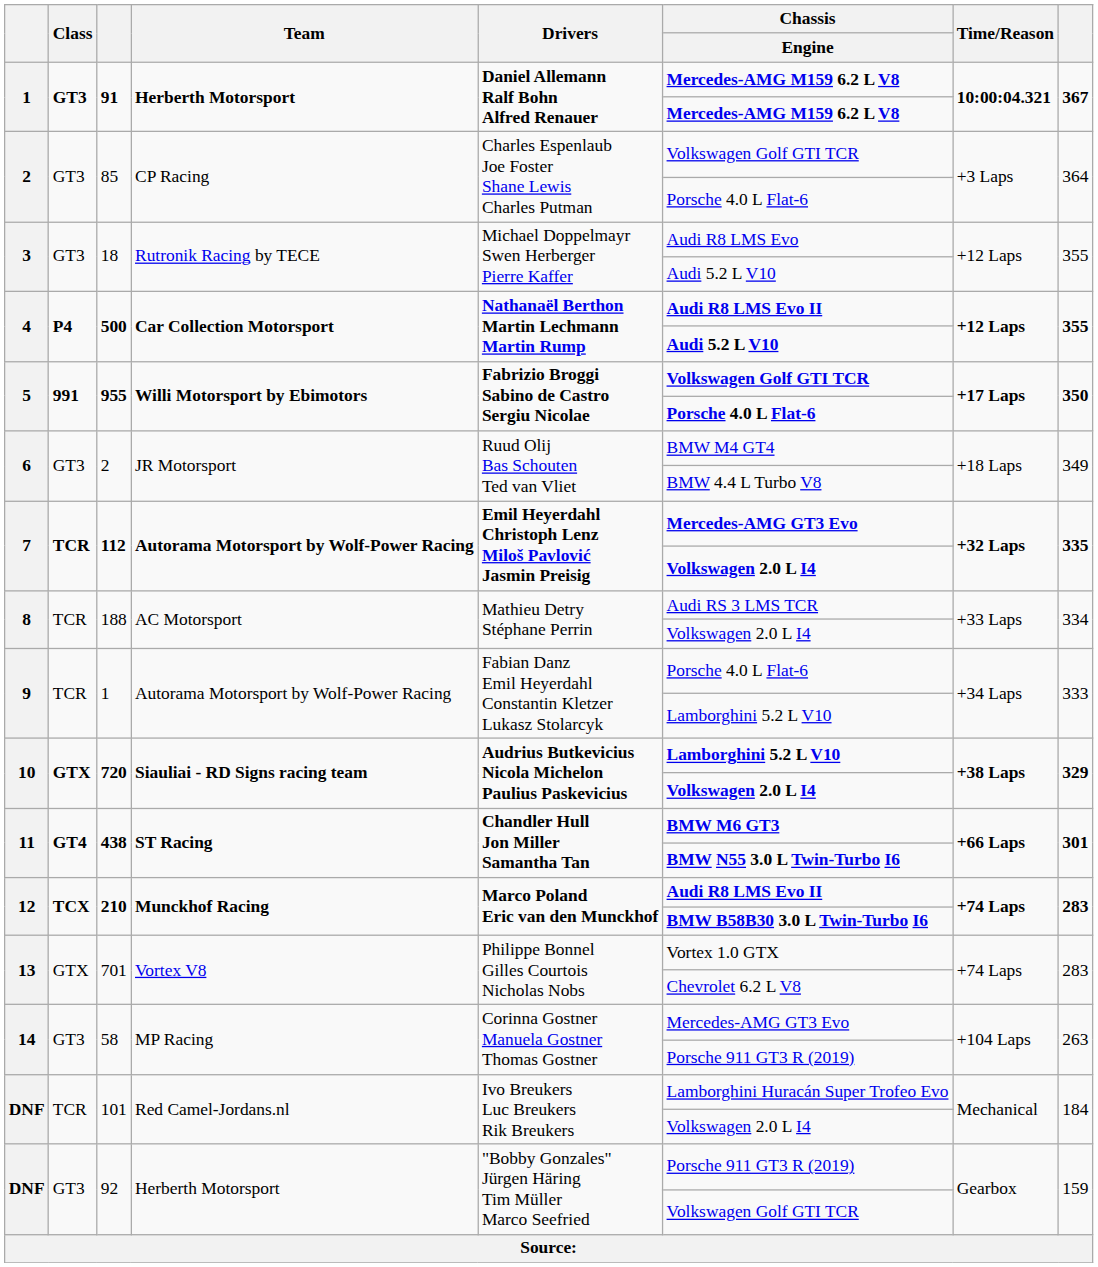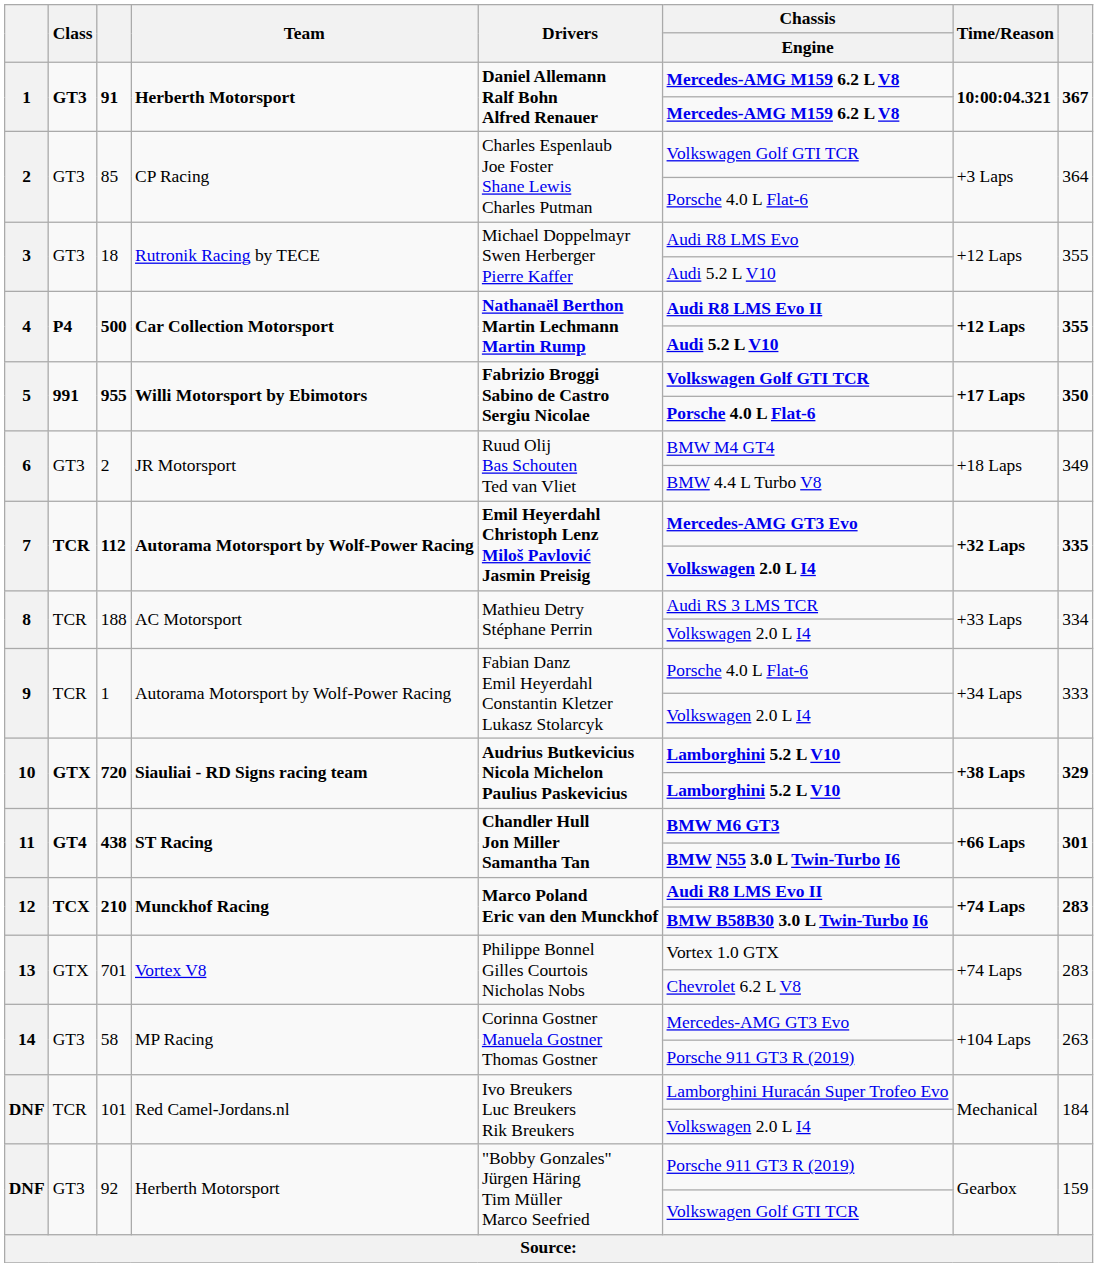 <table class="wikitable" style="font-size: 85%;">
 <tr>
 <th rowspan=2></th>
 <th rowspan=2>Class</th>
 <th rowspan=2></th>
 <th rowspan=2>Team</th>
 <th rowspan=2>Drivers</th>
 <th>Chassis</th>
 <th rowspan=2>Time/Reason</th>
 <th rowspan=2></th>
 </tr>
 <tr>
 <th>Engine</th>
 </tr>
 <tr style="font-weight:bold">
 <th rowspan=2>1</th>
 <td rowspan=2>GT3</td>
 <td rowspan=2>91</td>
 <td rowspan=2> Herberth Motorsport</td>
 <td rowspan=2> Daniel Allemann<br> Ralf Bohn<br> Alfred Renauer</td>
 <td><a href='#'>Mercedes-AMG M159</a> 6.2 L <a href='#'>V8</a></td>
 <td rowspan=2>10:00:04.321</td>
 <td rowspan=2>367</td>
 </tr>
 <tr style="font-weight:bold">
 <td><a href='#'>Mercedes-AMG M159</a> 6.2 L <a href='#'>V8</a></td>
 </tr>
 <tr>
 <th rowspan=2>2</th>
 <td rowspan=2>GT3</td>
 <td rowspan=2>85</td>
 <td rowspan=2> CP Racing</td>
 <td rowspan=2> Charles Espenlaub<br> Joe Foster<br> <a href='#'>Shane Lewis</a><br> Charles Putman</td>
 <td><a href='#'>Volkswagen Golf GTI TCR</a></td>
 <td rowspan=2>+3 Laps</td>
 <td rowspan=2>364</td>
 </tr>
 <tr>
 <td><a href='#'>Porsche</a> 4.0 L <a href='#'>Flat-6</a></td>
 </tr>
 <tr>
 <th rowspan=2>3</th>
 <td rowspan=2>GT3</td>
 <td rowspan=2>18</td>
 <td rowspan=2> <a href='#'>Rutronik Racing</a> by TECE</td>
 <td rowspan=2> Michael Doppelmayr<br> Swen Herberger<br> <a href='#'>Pierre Kaffer</a></td>
 <td><a href='#'>Audi R8 LMS Evo</a></td>
 <td rowspan=2>+12 Laps</td>
 <td rowspan=2>355</td>
 </tr>
 <tr>
 <td><a href='#'>Audi</a> 5.2 L <a href='#'>V10</a></td>
 </tr>
 <tr style="font-weight:bold">
 <th rowspan=2>4</th>
 <td rowspan=2>P4</td>
 <td rowspan=2>500</td>
 <td rowspan=2> Car Collection Motorsport</td>
 <td rowspan=2> <a href='#'>Nathanaël Berthon</a><br> Martin Lechmann<br> <a href='#'>Martin Rump</a></td>
 <td><a href='#'>Audi R8 LMS Evo II</a></td>
 <td rowspan=2>+12 Laps</td>
 <td rowspan=2>355</td>
 </tr>
 <tr style="font-weight:bold">
 <td><a href='#'>Audi</a> 5.2 L <a href='#'>V10</a></td>
 </tr>
 <tr style="font-weight:bold">
 <th rowspan=2>5</th>
 <td rowspan=2>991</td>
 <td rowspan=2>955</td>
 <td rowspan=2> Willi Motorsport by Ebimotors</td>
 <td rowspan=2> Fabrizio Broggi<br> Sabino de Castro<br> Sergiu Nicolae</td>
 <td><a href='#'>Volkswagen Golf GTI TCR</a></td>
 <td rowspan=2>+17 Laps</td>
 <td rowspan=2>350</td>
 </tr>
 <tr style="font-weight:bold">
 <td><a href='#'>Porsche</a> 4.0 L <a href='#'>Flat-6</a></td>
 </tr>
 <tr>
 <th rowspan=2>6</th>
 <td rowspan=2>GT3</td>
 <td rowspan=2>2</td>
 <td rowspan=2> JR Motorsport</td>
 <td rowspan=2> Ruud Olij<br> <a href='#'>Bas Schouten</a><br> Ted van Vliet</td>
 <td><a href='#'>BMW M4 GT4</a></td>
 <td rowspan=2>+18 Laps</td>
 <td rowspan=2>349</td>
 </tr>
 <tr>
 <td><a href='#'>BMW</a> 4.4 L Turbo <a href='#'>V8</a></td>
 </tr>
 <tr style="font-weight:bold">
 <th rowspan=2>7</th>
 <td rowspan=2>TCR</td>
 <td rowspan=2>112</td>
 <td rowspan=2> Autorama Motorsport by Wolf-Power Racing</td>
 <td rowspan=2> Emil Heyerdahl<br> Christoph Lenz<br> <a href='#'>Miloš Pavlović</a><br> Jasmin Preisig</td>
 <td><a href='#'>Mercedes-AMG GT3 Evo</a></td>
 <td rowspan=2>+32 Laps</td>
 <td rowspan=2>335</td>
 </tr>
 <tr style="font-weight:bold">
 <td><a href='#'>Volkswagen</a> 2.0 L <a href='#'>I4</a></td>
 </tr>
 <tr>
 <th rowspan=2>8</th>
 <td rowspan=2>TCR</td>
 <td rowspan=2>188</td>
 <td rowspan=2> AC Motorsport</td>
 <td rowspan=2> Mathieu Detry<br> Stéphane Perrin</td>
 <td><a href='#'>Audi RS 3 LMS TCR</a></td>
 <td rowspan=2>+33 Laps</td>
 <td rowspan=2>334</td>
 </tr>
 <tr>
 <td><a href='#'>Volkswagen</a> 2.0 L <a href='#'>I4</a></td>
 </tr>
 <tr>
 <th rowspan=2>9</th>
 <td rowspan=2>TCR</td>
 <td rowspan=2>1</td>
 <td rowspan=2> Autorama Motorsport by Wolf-Power Racing</td>
 <td rowspan=2> Fabian Danz<br> Emil Heyerdahl<br> Constantin Kletzer<br> Lukasz Stolarcyk</td>
 <td><a href='#'>Porsche</a> 4.0 L <a href='#'>Flat-6</a></td>
 <td rowspan=2>+34 Laps</td>
 <td rowspan=2>333</td>
 </tr>
 <tr>
-<td><a href='#'>Lamborghini</a> 5.2 L <a href='#'>V10</a></td>
+<td><a href='#'>Volkswagen</a> 2.0 L <a href='#'>I4</a></td>
 </tr>
 <tr style="font-weight:bold">
 <th rowspan=2>10</th>
 <td rowspan=2>GTX</td>
 <td rowspan=2>720</td>
 <td rowspan=2> Siauliai - RD Signs racing team</td>
 <td rowspan=2> Audrius Butkevicius<br> Nicola Michelon<br> Paulius Paskevicius</td>
 <td><a href='#'>Lamborghini</a> 5.2 L <a href='#'>V10</a></td>
 <td rowspan=2>+38 Laps</td>
 <td rowspan=2>329</td>
 </tr>
 <tr style="font-weight:bold">
-<td><a href='#'>Volkswagen</a> 2.0 L <a href='#'>I4</a></td>
+<td><a href='#'>Lamborghini</a> 5.2 L <a href='#'>V10</a></td>
 </tr>
 <tr style="font-weight:bold">
 <th rowspan=2>11</th>
 <td rowspan=2>GT4</td>
 <td rowspan=2>438</td>
 <td rowspan=2> ST Racing</td>
 <td rowspan=2> Chandler Hull<br> Jon Miller<br> Samantha Tan</td>
 <td><a href='#'>BMW M6 GT3</a></td>
 <td rowspan=2>+66 Laps</td>
 <td rowspan=2>301</td>
 </tr>
 <tr style="font-weight:bold">
 <td><a href='#'>BMW</a> <a href='#'>N55</a> 3.0 L <a href='#'>Twin-Turbo</a> <a href='#'>I6</a></td>
 </tr>
 <tr style="font-weight:bold">
 <th rowspan=2>12</th>
 <td rowspan=2>TCX</td>
 <td rowspan=2>210</td>
 <td rowspan=2> Munckhof Racing</td>
 <td rowspan=2> Marco Poland<br> Eric van den Munckhof</td>
 <td><a href='#'>Audi R8 LMS Evo II</a></td>
 <td rowspan=2>+74 Laps</td>
 <td rowspan=2>283</td>
 </tr>
 <tr style="font-weight:bold">
 <td><a href='#'>BMW B58B30</a> 3.0 L <a href='#'>Twin-Turbo</a> <a href='#'>I6</a></td>
 </tr>
 <tr>
 <th rowspan=2>13</th>
 <td rowspan=2>GTX</td>
 <td rowspan=2>701</td>
 <td rowspan=2> <a href='#'>Vortex V8</a></td>
 <td rowspan=2> Philippe Bonnel<br> Gilles Courtois<br> Nicholas Nobs</td>
 <td>Vortex 1.0 GTX</td>
 <td rowspan=2>+74 Laps</td>
 <td rowspan=2>283</td>
 </tr>
 <tr>
 <td><a href='#'>Chevrolet</a> 6.2 L <a href='#'>V8</a></td>
 </tr>
 <tr>
 <th rowspan=2>14</th>
 <td rowspan=2>GT3</td>
 <td rowspan=2>58</td>
 <td rowspan=2> MP Racing</td>
 <td rowspan=2> Corinna Gostner<br> <a href='#'>Manuela Gostner</a><br> Thomas Gostner</td>
 <td><a href='#'>Mercedes-AMG GT3 Evo</a></td>
 <td rowspan=2>+104 Laps</td>
 <td rowspan=2>263</td>
 </tr>
 <tr>
 <td><a href='#'>Porsche 911 GT3 R (2019)</a></td>
 </tr>
 <tr>
 <th rowspan=2>DNF</th>
 <td rowspan=2>TCR</td>
 <td rowspan=2>101</td>
 <td rowspan=2> Red Camel-Jordans.nl</td>
 <td rowspan=2> Ivo Breukers<br> Luc Breukers<br> Rik Breukers</td>
 <td><a href='#'>Lamborghini Huracán Super Trofeo Evo</a></td>
 <td rowspan=2>Mechanical</td>
 <td rowspan=2>184</td>
 </tr>
 <tr>
 <td><a href='#'>Volkswagen</a> 2.0 L <a href='#'>I4</a></td>
 </tr>
 <tr>
 <th rowspan=2>DNF</th>
 <td rowspan=2>GT3</td>
 <td rowspan=2>92</td>
 <td rowspan=2> Herberth Motorsport</td>
 <td rowspan=2> "Bobby Gonzales"<br> Jürgen Häring<br> Tim Müller<br> Marco Seefried</td>
 <td><a href='#'>Porsche 911 GT3 R (2019)</a></td>
 <td rowspan=2>Gearbox</td>
 <td rowspan=2>159</td>
 </tr>
 <tr>
 <td><a href='#'>Volkswagen Golf GTI TCR</a></td>
 </tr>
 <tr>
 <th colspan=9>Source:</th>
 </tr>
 </table>
